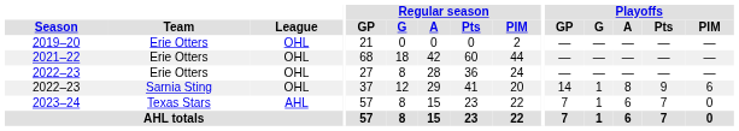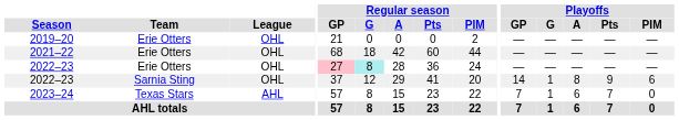 <table border="0" cellpadding="1" cellspacing="0" style="text-align:center; width:60em">
 <tr bgcolor="#e0e0e0">
 <th colspan="3" bgcolor="#ffffff"></th>
 <th rowspan="100" bgcolor="#ffffff"></th>
 <th colspan="5"><a href='#'>Regular season</a></th>
 <th rowspan="100" bgcolor="#ffffff"></th>
 <th colspan="5"><a href='#'>Playoffs</a></th>
 </tr>
 <tr bgcolor="#e0e0e0">
 <th><a href='#'>Season</a></th>
 <th>Team</th>
 <th>League</th>
 <th>GP</th>
 <th><a href='#'>G</a></th>
 <th><a href='#'>A</a></th>
 <th><a href='#'>Pts</a></th>
 <th><a href='#'>PIM</a></th>
 <th>GP</th>
 <th>G</th>
 <th>A</th>
 <th>Pts</th>
 <th>PIM</th>
 </tr>
 <tr>
 <td><a href='#'>2019–20</a></td>
 <td><a href='#'>Erie Otters</a></td>
 <td><a href='#'>OHL</a></td>
 <td>21</td>
 <td>0</td>
 <td>0</td>
 <td>0</td>
 <td>2</td>
 <td>—</td>
 <td>—</td>
 <td>—</td>
 <td>—</td>
 <td>—</td>
 </tr>
 <tr bgcolor="#f0f0f0">
 <td><a href='#'>2021–22</a></td>
 <td>Erie Otters</td>
 <td>OHL</td>
 <td>68</td>
 <td>18</td>
 <td>42</td>
 <td>60</td>
 <td>44</td>
 <td>—</td>
 <td>—</td>
 <td>—</td>
 <td>—</td>
 <td>—</td>
 </tr>
 <tr>
 <td><a href='#'>2022–23</a></td>
 <td>Erie Otters</td>
 <td>OHL</td>
-<td>27</td>
-<td>8</td>
+<td style="background: pink;">27</td>
+<td style="background: paleturquoise;">8</td>
 <td>28</td>
 <td>36</td>
 <td>24</td>
 <td>—</td>
 <td>—</td>
 <td>—</td>
 <td>—</td>
 <td>—</td>
 </tr>
 <tr bgcolor="#f0f0f0">
 <td>2022–23</td>
 <td><a href='#'>Sarnia Sting</a></td>
 <td>OHL</td>
 <td>37</td>
 <td>12</td>
 <td>29</td>
 <td>41</td>
 <td>20</td>
 <td>14</td>
 <td>1</td>
 <td>8</td>
 <td>9</td>
 <td>6</td>
 </tr>
 <tr>
 <td><a href='#'>2023–24</a></td>
 <td><a href='#'>Texas Stars</a></td>
 <td><a href='#'>AHL</a></td>
 <td>57</td>
 <td>8</td>
 <td>15</td>
 <td>23</td>
 <td>22</td>
 <td>7</td>
 <td>1</td>
 <td>6</td>
 <td>7</td>
 <td>0</td>
 </tr>
 <tr bgcolor="#e0e0e0">
 <th colspan="3">AHL totals</th>
 <th>57</th>
 <th>8</th>
 <th>15</th>
 <th>23</th>
 <th>22</th>
 <th>7</th>
 <th>1</th>
 <th>6</th>
 <th>7</th>
 <th>0</th>
 </tr>
 </table>
